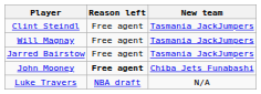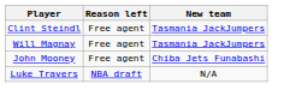 <table class="wikitable sortable sortable" style="text-align: center">
 <tr>
 <th>Player</th>
 <th>Reason left</th>
 <th>New team</th>
 </tr>
 <tr>
 <td><a href='#'>Clint Steindl</a></td>
 <td>Free agent</td>
 <td><a href='#'>Tasmania JackJumpers</a></td>
 </tr>
 <tr>
 <td><a href='#'>Will Magnay</a></td>
 <td>Free agent</td>
 <td><a href='#'>Tasmania JackJumpers</a></td>
 </tr>
 <tr>
-<td><a href='#'>Jarred Bairstow</a></td>
+<td><a href='#'>John Mooney</a></td>
 <td>Free agent</td>
-<td><a href='#'>Tasmania JackJumpers</a></td>
-</tr>
-<tr>
-<td><a href='#'>John Mooney</a></td>
-<td><strong>Free agent</strong></td>
 <td><a href='#'>Chiba Jets Funabashi</a></td>
 </tr>
 <tr>
 <td><a href='#'>Luke Travers</a></td>
 <td><a href='#'>NBA draft</a></td>
 <td>N/A</td>
 </tr>
 </table>
